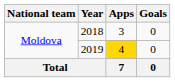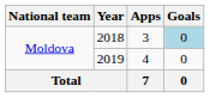 <table class="wikitable" style="text-align:center">
 <tr>
 <th>National team</th>
 <th>Year</th>
 <th>Apps</th>
 <th>Goals</th>
 </tr>
 <tr>
 <td rowspan=2><a href='#'>Moldova</a></td>
 <td>2018</td>
 <td>3</td>
-<td>0</td>
+<td style="background: lightblue;">0</td>
 </tr>
 <tr>
 <td>2019</td>
-<td style="background: gold;">4</td>
+<td>4</td>
 <td>0</td>
 </tr>
 <tr>
 <th colspan=2>Total</th>
 <th>7</th>
 <th>0</th>
 </tr>
 </table>
